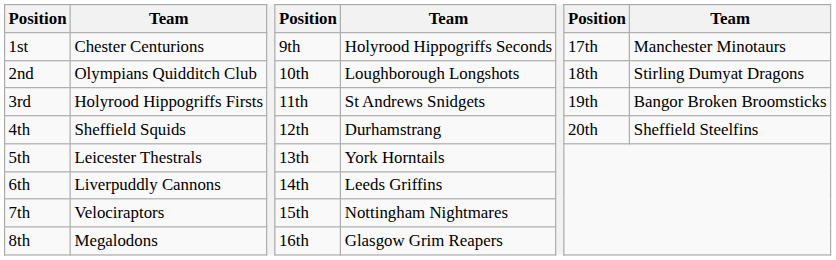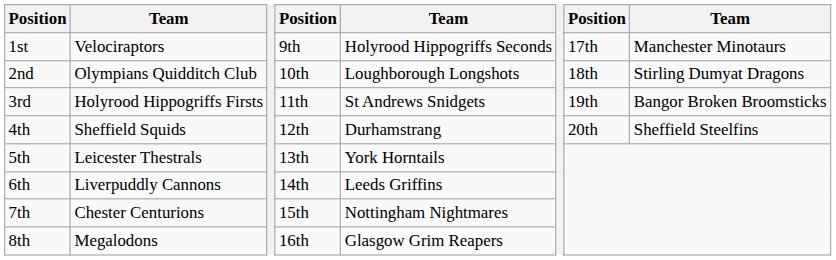 <table class="wikitable" style="font-size:90%;border: none;">
 <tr>
 <th>Position</th>
 <th>Team</th>
 <th rowspan="9" style="border: none;"></th>
 <th>Position</th>
 <th>Team</th>
 <th rowspan="9" style="border: none;"></th>
 <th>Position</th>
 <th>Team</th>
 </tr>
 <tr>
 <td>1st</td>
-<td>Chester Centurions</td>
+<td>Velociraptors</td>
 <td>9th</td>
 <td>Holyrood Hippogriffs Seconds</td>
 <td>17th</td>
 <td>Manchester Minotaurs</td>
 </tr>
 <tr>
 <td>2nd</td>
 <td>Olympians Quidditch Club</td>
 <td>10th</td>
 <td>Loughborough Longshots</td>
 <td>18th</td>
 <td>Stirling Dumyat Dragons</td>
 </tr>
 <tr>
 <td>3rd</td>
 <td>Holyrood Hippogriffs Firsts</td>
 <td>11th</td>
 <td>St Andrews Snidgets</td>
 <td>19th</td>
 <td>Bangor Broken Broomsticks</td>
 </tr>
 <tr>
 <td>4th</td>
 <td>Sheffield Squids</td>
 <td>12th</td>
 <td>Durhamstrang</td>
 <td>20th</td>
 <td>Sheffield Steelfins</td>
 </tr>
 <tr>
 <td>5th</td>
 <td>Leicester Thestrals</td>
 <td>13th</td>
 <td>York Horntails</td>
 <td colspan="2" rowspan="4"></td>
 </tr>
 <tr>
 <td>6th</td>
 <td>Liverpuddly Cannons</td>
 <td>14th</td>
 <td>Leeds Griffins</td>
 </tr>
 <tr>
 <td>7th</td>
-<td>Velociraptors</td>
+<td>Chester Centurions</td>
 <td>15th</td>
 <td>Nottingham Nightmares</td>
 </tr>
 <tr>
 <td>8th</td>
 <td>Megalodons</td>
 <td>16th</td>
 <td>Glasgow Grim Reapers</td>
 </tr>
 </table>
